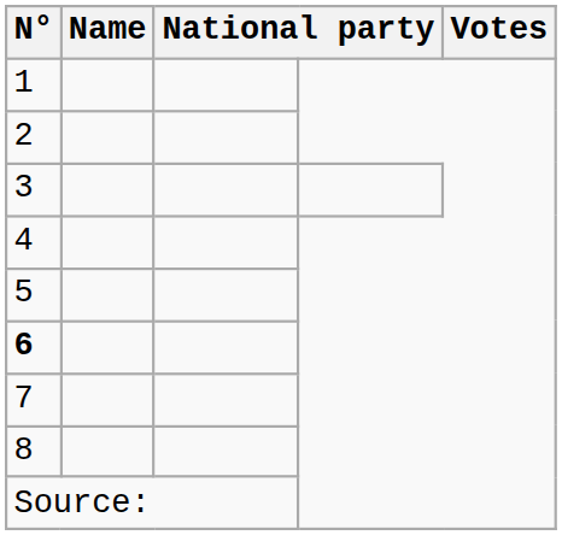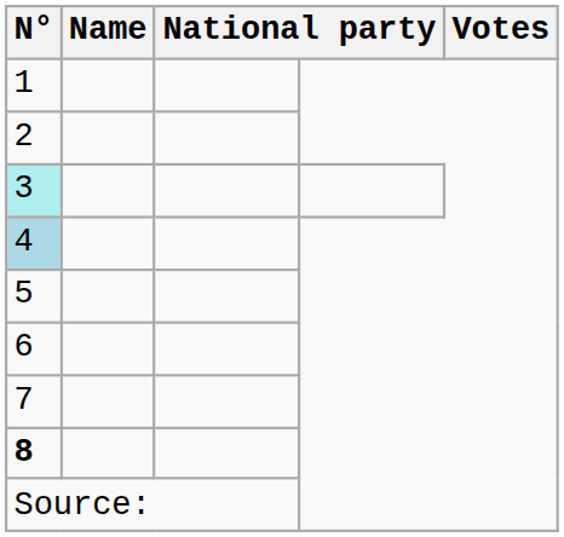 <table class="wikitable sortable" style="font-size:95%;line-height:14px;">
 <tr>
 <th>N°</th>
 <th>Name</th>
 <th colspan="2">National party</th>
 <th>Votes</th>
 </tr>
 <tr>
 <td>1</td>
 <td><em></em></td>
 <td></td>
 </tr>
 <tr>
 <td>2</td>
 <td></td>
 <td></td>
 </tr>
 <tr>
-<td>3</td>
+<td style="background: paleturquoise;">3</td>
 <td></td>
 <td></td>
 <td></td>
 </tr>
 <tr>
-<td>4</td>
+<td style="background: lightblue;">4</td>
 <td></td>
 <td></td>
 </tr>
 <tr>
 <td>5</td>
 <td></td>
 <td></td>
 </tr>
 <tr>
-<td><strong>6</strong></td>
+<td>6</td>
 <td></td>
 <td></td>
 </tr>
 <tr>
 <td>7</td>
 <td><em></em></td>
 <td></td>
 </tr>
 <tr>
-<td>8</td>
+<td><strong>8</strong></td>
 <td></td>
 <td></td>
 </tr>
 <tr>
 <td colspan="3">Source: </td>
 </tr>
 </table>
